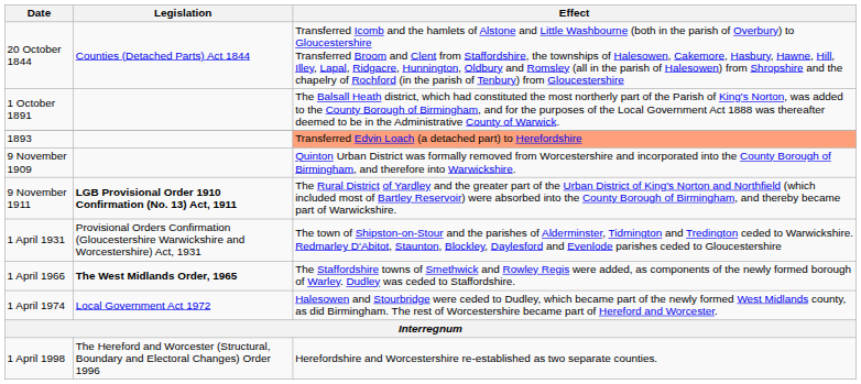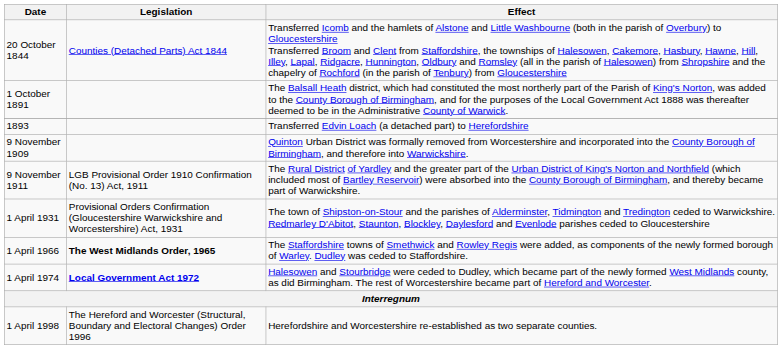 <table class="wikitable">
 <tr>
 <th>Date</th>
 <th>Legislation</th>
 <th>Effect</th>
 </tr>
 <tr>
 <td>20 October 1844</td>
 <td><a href='#'>Counties (Detached Parts) Act 1844</a></td>
 <td>Transferred <a href='#'>Icomb</a> and the hamlets of <a href='#'>Alstone</a> and <a href='#'>Little Washbourne</a> (both in the parish of <a href='#'>Overbury</a>) to <a href='#'>Gloucestershire</a><br>Transferred <a href='#'>Broom</a> and <a href='#'>Clent</a> from <a href='#'>Staffordshire</a>, the townships of <a href='#'>Halesowen</a>, <a href='#'>Cakemore</a>, <a href='#'>Hasbury</a>, <a href='#'>Hawne</a>, <a href='#'>Hill</a>, <a href='#'>Illey</a>, <a href='#'>Lapal</a>, <a href='#'>Ridgacre</a>, <a href='#'>Hunnington</a>, <a href='#'>Oldbury</a> and <a href='#'>Romsley</a> (all in the parish of <a href='#'>Halesowen</a>) from <a href='#'>Shropshire</a> and the chapelry of <a href='#'>Rochford</a> (in the parish of <a href='#'>Tenbury</a>) from <a href='#'>Gloucestershire</a></td>
 </tr>
 <tr>
 <td>1 October 1891</td>
 <td></td>
 <td>The <a href='#'>Balsall Heath</a> district, which had constituted the most northerly part of the Parish of <a href='#'>King's Norton</a>, was added to the <a href='#'>County Borough of Birmingham</a>, and for the purposes of the Local Government Act 1888 was thereafter deemed to be in the Administrative <a href='#'>County of Warwick</a>.</td>
 </tr>
 <tr>
 </tr>
 <tr>
 <td>1893</td>
 <td></td>
-<td style="background: lightsalmon;">Transferred <a href='#'>Edvin Loach</a> (a detached part) to <a href='#'>Herefordshire</a></td>
+<td>Transferred <a href='#'>Edvin Loach</a> (a detached part) to <a href='#'>Herefordshire</a></td>
 </tr>
 <tr>
 <td>9 November 1909</td>
 <td></td>
 <td><a href='#'>Quinton</a> Urban District was formally removed from Worcestershire and incorporated into the <a href='#'>County Borough of Birmingham</a>, and therefore into <a href='#'>Warwickshire</a>.</td>
 </tr>
 <tr>
 <td>9 November 1911</td>
-<td><strong>LGB Provisional Order 1910 Confirmation (No. 13) Act, 1911</strong></td>
+<td>LGB Provisional Order 1910 Confirmation (No. 13) Act, 1911</td>
 <td>The <a href='#'>Rural District</a> <a href='#'>of Yardley</a> and the greater part of the <a href='#'>Urban District of King's Norton and Northfield</a> (which included most of <a href='#'>Bartley Reservoir</a>) were absorbed into the <a href='#'>County Borough of Birmingham</a>, and thereby became part of Warwickshire.</td>
 </tr>
 <tr>
 <td>1 April 1931</td>
 <td>Provisional Orders Confirmation (Gloucestershire Warwickshire and Worcestershire) Act, 1931</td>
 <td>The town of <a href='#'>Shipston-on-Stour</a> and the parishes of <a href='#'>Alderminster</a>, <a href='#'>Tidmington</a> and <a href='#'>Tredington</a> ceded to Warwickshire.<br><a href='#'>Redmarley D'Abitot</a>, <a href='#'>Staunton</a>, <a href='#'>Blockley</a>, <a href='#'>Daylesford</a> and <a href='#'>Evenlode</a> parishes ceded to Gloucestershire</td>
 </tr>
 <tr>
 <td>1 April 1966</td>
 <td><strong>The West Midlands Order, 1965</strong></td>
 <td>The <a href='#'>Staffordshire</a> towns of <a href='#'>Smethwick</a> and <a href='#'>Rowley Regis</a> were added, as components of the newly formed borough of <a href='#'>Warley</a>. <a href='#'>Dudley</a> was ceded to Staffordshire.</td>
 </tr>
 <tr>
 <td>1 April 1974</td>
-<td><a href='#'>Local Government Act 1972</a></td>
+<td><strong><a href='#'>Local Government Act 1972</a></strong></td>
 <td><a href='#'>Halesowen</a> and <a href='#'>Stourbridge</a> were ceded to Dudley, which became part of the newly formed <a href='#'>West Midlands</a> county, as did Birmingham. The rest of Worcestershire became part of <a href='#'>Hereford and Worcester</a>.</td>
 </tr>
 <tr>
 <th colspan="3"><em>Interregnum</em></th>
 </tr>
 <tr>
 <td>1 April 1998</td>
 <td>The Hereford and Worcester (Structural, Boundary and Electoral Changes) Order 1996</td>
 <td>Herefordshire and Worcestershire re-established as two separate counties.</td>
 </tr>
 </table>
